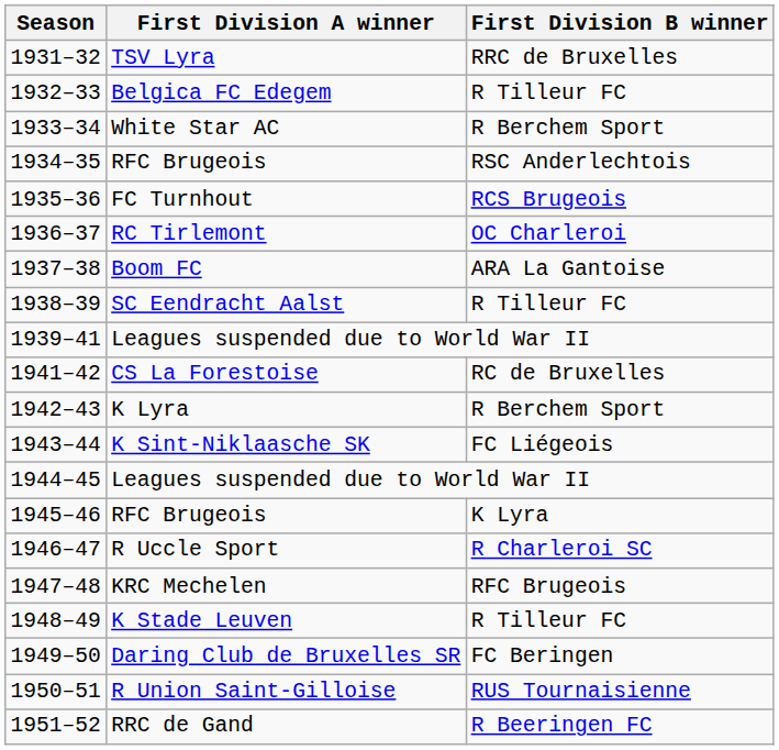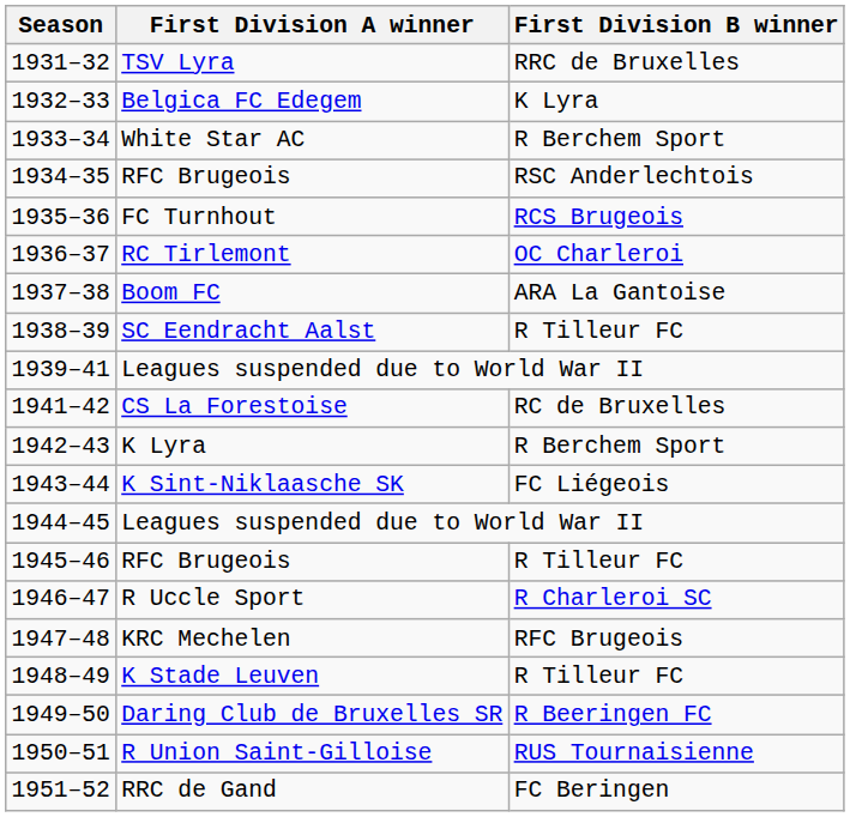 <table class="wikitable sortable" style="text–align:center;">
 <tr>
 <th>Season</th>
 <th>First Division A winner</th>
 <th>First Division B winner</th>
 </tr>
 <tr>
 <td>1931–32</td>
 <td><a href='#'>TSV Lyra</a></td>
 <td>RRC de Bruxelles</td>
 </tr>
 <tr>
 <td>1932–33</td>
 <td><a href='#'>Belgica FC Edegem</a></td>
-<td>R Tilleur FC</td>
+<td>K Lyra</td>
 </tr>
 <tr>
 <td>1933–34</td>
 <td>White Star AC</td>
 <td>R Berchem Sport</td>
 </tr>
 <tr>
 <td>1934–35</td>
 <td>RFC Brugeois</td>
 <td>RSC Anderlechtois</td>
 </tr>
 <tr>
 <td>1935–36</td>
 <td>FC Turnhout</td>
 <td><a href='#'>RCS Brugeois</a></td>
 </tr>
 <tr>
 <td>1936–37</td>
 <td><a href='#'>RC Tirlemont</a></td>
 <td><a href='#'>OC Charleroi</a></td>
 </tr>
 <tr>
 <td>1937–38</td>
 <td><a href='#'>Boom FC</a></td>
 <td>ARA La Gantoise</td>
 </tr>
 <tr>
 <td>1938–39</td>
 <td><a href='#'>SC Eendracht Aalst</a></td>
 <td>R Tilleur FC</td>
 </tr>
 <tr>
 <td>1939–41</td>
 <td colspan="2">Leagues suspended due to World War II</td>
 </tr>
 <tr>
 <td>1941–42</td>
 <td><a href='#'>CS La Forestoise</a></td>
 <td>RC de Bruxelles</td>
 </tr>
 <tr>
 <td>1942–43</td>
 <td>K Lyra</td>
 <td>R Berchem Sport</td>
 </tr>
 <tr>
 <td>1943–44</td>
 <td><a href='#'>K Sint-Niklaasche SK</a></td>
 <td>FC Liégeois</td>
 </tr>
 <tr>
 <td>1944–45</td>
 <td colspan="2">Leagues suspended due to World War II</td>
 </tr>
 <tr>
 <td>1945–46</td>
 <td>RFC Brugeois</td>
-<td>K Lyra</td>
+<td>R Tilleur FC</td>
 </tr>
 <tr>
 <td>1946–47</td>
 <td>R Uccle Sport</td>
 <td><a href='#'>R Charleroi SC</a></td>
 </tr>
 <tr>
 <td>1947–48</td>
 <td>KRC Mechelen</td>
 <td>RFC Brugeois</td>
 </tr>
 <tr>
 <td>1948–49</td>
 <td><a href='#'>K Stade Leuven</a></td>
 <td>R Tilleur FC</td>
 </tr>
 <tr>
 <td>1949–50</td>
 <td><a href='#'>Daring Club de Bruxelles SR</a></td>
-<td>FC Beringen</td>
+<td><a href='#'>R Beeringen FC</a></td>
 </tr>
 <tr>
 <td>1950–51</td>
 <td><a href='#'>R Union Saint-Gilloise</a></td>
 <td><a href='#'>RUS Tournaisienne</a></td>
 </tr>
 <tr>
 <td>1951–52</td>
 <td>RRC de Gand</td>
-<td><a href='#'>R Beeringen FC</a></td>
+<td>FC Beringen</td>
 </tr>
 </table>
